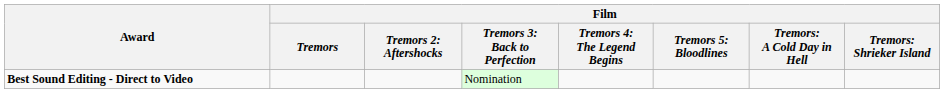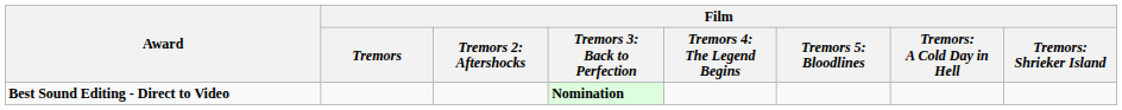 <table class="wikitable" style="margin:left;">
 <tr>
 <th style="width:400px;" rowspan="2">Award</th>
 <th colspan="7">Film</th>
 </tr>
 <tr>
 <th style="width:130px;"><em>Tremors</em></th>
 <th style="width:130px;"><em>Tremors 2: <br>Aftershocks</em></th>
 <th style="width:130px;"><em>Tremors 3: <br>Back to Perfection</em></th>
 <th style="width:130px;"><em>Tremors 4: <br>The Legend Begins</em></th>
 <th style="width:130px;"><em>Tremors 5: <br>Bloodlines</em></th>
 <th style="width:130px;"><em>Tremors: <br>A Cold Day in Hell</em></th>
 <th style="width:130px;"><em>Tremors: <br>Shrieker Island</em></th>
 </tr>
 <tr>
 <td><strong>Best Sound Editing - Direct to Video</strong></td>
 <td></td>
 <td></td>
-<td style="background:#dfd;">Nomination</td>
+<td style="background:#dfd;"><strong>Nomination</strong></td>
 <td></td>
 <td></td>
 <td></td>
 <td></td>
 </tr>
 </table>
